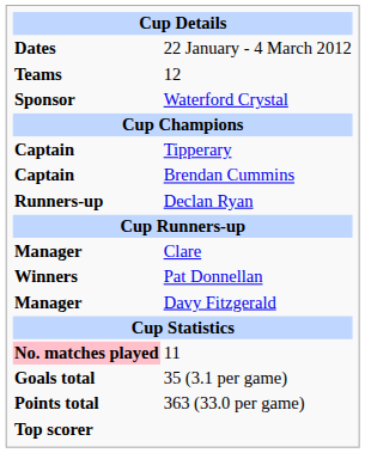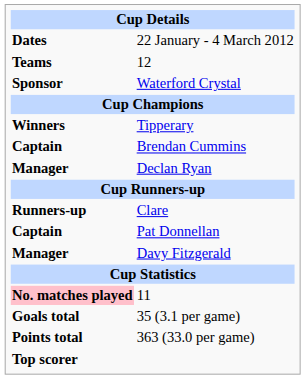 <table class="infobox" style="font-size: 90%;">
 <tr>
 <th style="background: #BFD7FF; text-align: center" colspan="3">Cup Details</th>
 </tr>
 <tr>
 <td><strong>Dates</strong></td>
 <td colspan="2">22 January - 4 March 2012</td>
 </tr>
 <tr>
 <td><strong>Teams</strong></td>
 <td colspan="2">12</td>
 </tr>
 <tr>
 <td><strong>Sponsor</strong></td>
 <td colspan="2"><a href='#'>Waterford Crystal</a></td>
 </tr>
 <tr>
 <th style="background: #BFD7FF; text-align: center" colspan="3">Cup Champions</th>
 </tr>
 <tr>
-<td><strong>Captain</strong></td>
+<td><strong>Winners</strong></td>
 <td colspan="2"><a href='#'>Tipperary</a></td>
 </tr>
 <tr>
 <td><strong>Captain</strong></td>
 <td colspan="2"><a href='#'>Brendan Cummins</a></td>
 </tr>
 <tr>
-<td><strong>Runners-up</strong></td>
+<td><strong>Manager</strong></td>
 <td colspan="2"><a href='#'>Declan Ryan</a></td>
 </tr>
 <tr>
 <th style="background: #BFD7FF; text-align: center" colspan="3">Cup Runners-up</th>
 </tr>
 <tr>
-<td><strong>Manager</strong></td>
+<td><strong>Runners-up</strong></td>
 <td colspan="2"><a href='#'>Clare</a></td>
 </tr>
 <tr>
-<td><strong>Winners</strong></td>
+<td><strong>Captain</strong></td>
 <td colspan="2"><a href='#'>Pat Donnellan</a></td>
 </tr>
 <tr>
 <td><strong>Manager</strong></td>
 <td colspan="2"><a href='#'>Davy Fitzgerald</a></td>
 </tr>
 <tr>
 <th style="background: #BFD7FF; text-align: center" colspan="3">Cup Statistics</th>
 </tr>
 <tr>
 <td style="background: pink;"><strong>No. matches played</strong></td>
 <td colspan="2">11</td>
 </tr>
 <tr>
 <td><strong>Goals total</strong></td>
 <td colspan="2">35 (3.1 per game)</td>
 </tr>
 <tr>
 <td><strong>Points total</strong></td>
 <td colspan="2">363 (33.0 per game)</td>
 </tr>
 <tr>
 <td><strong>Top scorer</strong></td>
 <td colspan="2"></td>
 </tr>
 </table>
